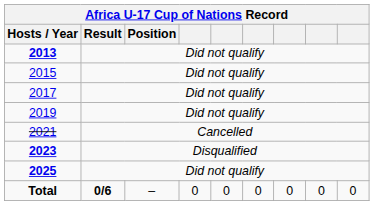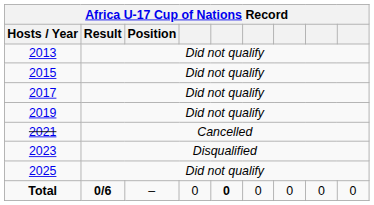 <table class="wikitable" style="text-align: center;font-size:90%;">
 <tr>
 <th colspan=9><a href='#'>Africa U-17 Cup of Nations</a> Record</th>
 </tr>
 <tr>
 <th>Hosts / Year</th>
 <th>Result</th>
 <th>Position</th>
 <th width=30></th>
 <th width=30></th>
 <th width=30></th>
 <th width=30></th>
 <th width=30></th>
 <th width=30></th>
 </tr>
 <tr>
-<td><strong> <a href='#'>2013</a></strong></td>
+<td> <a href='#'>2013</a></td>
 <td colspan=13><em>Did not qualify</em></td>
 </tr>
 <tr>
 <td> <a href='#'>2015</a></td>
 <td colspan=13><em>Did not qualify</em></td>
 </tr>
 <tr>
 <td> <a href='#'>2017</a></td>
 <td colspan=13><em>Did not qualify</em></td>
 </tr>
 <tr>
 <td> <a href='#'>2019</a></td>
 <td colspan=13><em>Did not qualify</em></td>
 </tr>
 <tr>
 <td> <s> <a href='#'>2021</a></s></td>
 <td colspan=8><em>Cancelled</em></td>
 </tr>
 <tr>
-<td><strong> <a href='#'>2023</a></strong></td>
+<td> <a href='#'>2023</a></td>
 <td colspan=8><em> Disqualified</em></td>
 </tr>
 <tr>
-<td><strong> <a href='#'>2025</a></strong></td>
+<td> <a href='#'>2025</a></td>
 <td colspan=8><em>Did not qualify</em></td>
 </tr>
 <tr>
 <td><strong>Total</strong></td>
 <td><strong>0/6</strong></td>
 <td>–</td>
 <td>0</td>
-<td>0</td>
+<td><strong>0</strong></td>
 <td>0</td>
 <td>0</td>
 <td>0</td>
 <td>0</td>
 </tr>
 </table>
